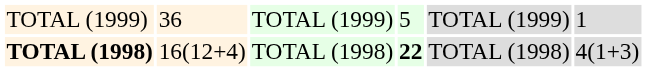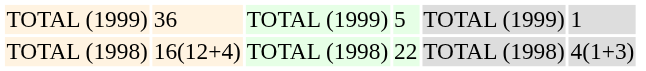 <table>
 <tr>
 <td bgcolor=#FFF3E1>TOTAL (1999)</td>
 <td bgcolor=#FFF3E1>36</td>
 <td bgcolor=#E6FFE6>TOTAL (1999)</td>
 <td bgcolor=#E6FFE6>5</td>
 <td bgcolor=#DDDDDD>TOTAL (1999)</td>
 <td bgcolor=#DDDDDD>1</td>
 </tr>
 <tr --->
-<td bgcolor=#FFF3E1><strong>TOTAL (1998)</strong></td>
+<td bgcolor=#FFF3E1>TOTAL (1998)</td>
 <td bgcolor=#FFF3E1>16(12+4)</td>
 <td bgcolor=#E6FFE6>TOTAL (1998)</td>
-<td bgcolor=#E6FFE6><strong>22</strong></td>
+<td bgcolor=#E6FFE6>22</td>
 <td bgcolor=#DDDDDD>TOTAL (1998)</td>
 <td bgcolor=#DDDDDD>4(1+3)</td>
 </tr>
 </table>
